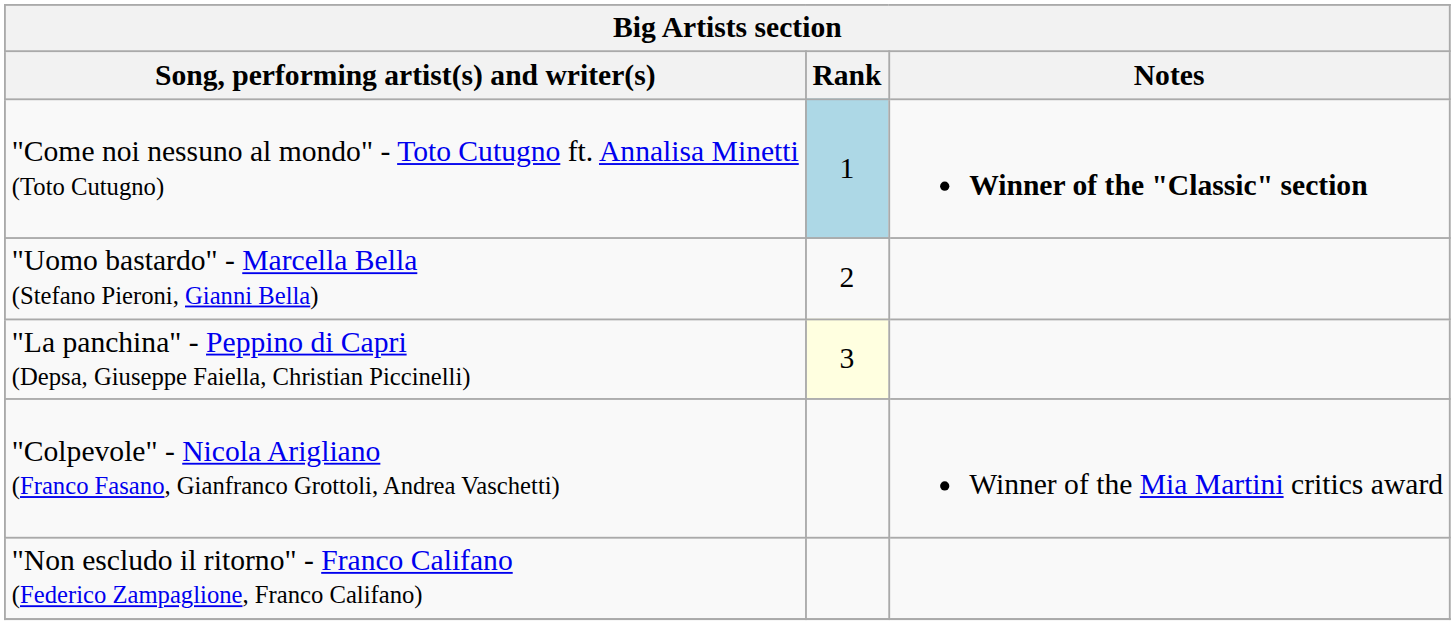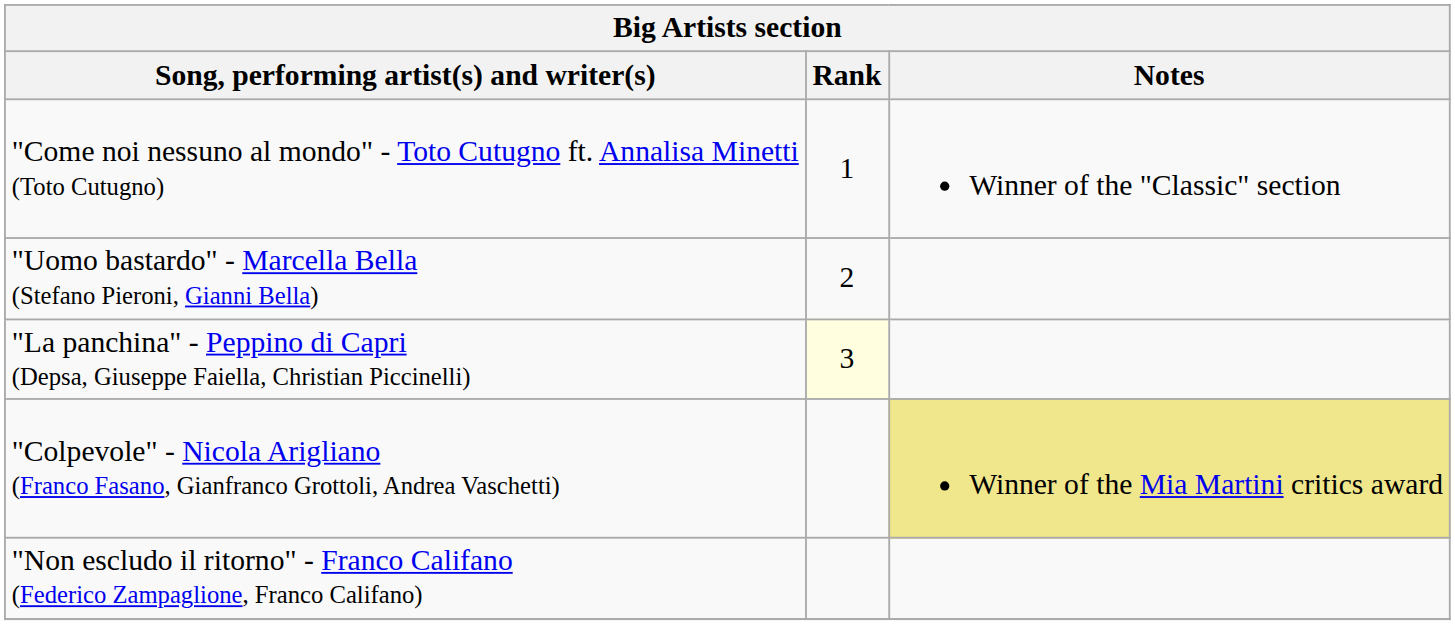 <table class="plainrowheaders wikitable">
 <tr>
 <th colspan="3">Big Artists section </th>
 </tr>
 <tr>
 <th>Song, performing artist(s) and writer(s)</th>
 <th>Rank</th>
 <th>Notes</th>
 </tr>
 <tr>
 <td>"Come noi nessuno al mondo" - <a href='#'>Toto Cutugno</a> ft. <a href='#'>Annalisa Minetti</a><br><small> 	 	(Toto Cutugno)</small></td>
-<td align="center" style="background: lightblue;">1</td>
-<td><strong><br><ul><li>Winner of the "Classic" section</li></ul></strong></td>
+<td align="center">1</td>
+<td><br><ul><li>Winner of the "Classic" section</li></ul></td>
 </tr>
 <tr>
 <td>"Uomo bastardo" - <a href='#'>Marcella Bella</a><br><small> 	(Stefano Pieroni, <a href='#'>Gianni Bella</a>)	</small></td>
 <td align="center">2</td>
 <td></td>
 </tr>
 <tr>
 <td>"La panchina" - <a href='#'>Peppino di Capri</a><br><small> 	(Depsa, Giuseppe Faiella, Christian Piccinelli) 	</small></td>
 <td align="center" style="background: lightyellow;">3</td>
 <td></td>
 </tr>
 <tr>
 <td>"Colpevole" -  <a href='#'>Nicola Arigliano</a><br> <small> 	 	(<a href='#'>Franco Fasano</a>, Gianfranco Grottoli, Andrea Vaschetti) 	</small></td>
 <td></td>
-<td><br><ul><li>Winner of the <a href='#'>Mia Martini</a> critics award</li></ul></td>
+<td style="background: khaki;"><br><ul><li>Winner of the <a href='#'>Mia Martini</a> critics award</li></ul></td>
 </tr>
 <tr>
 <td>"Non escludo il ritorno" -  <a href='#'>Franco Califano</a><br> <small> 	 	(<a href='#'>Federico Zampaglione</a>, Franco Califano) 	</small></td>
 <td></td>
 <td></td>
 </tr>
 <tr>
 </tr>
 </table>
